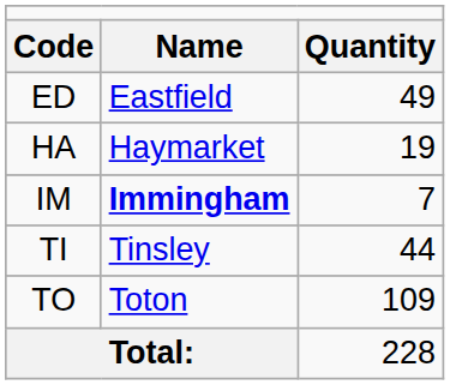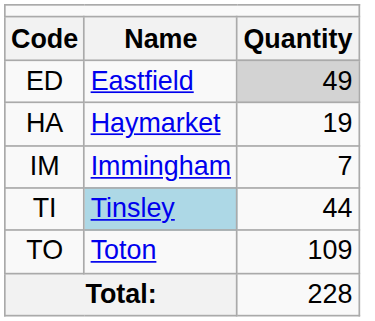 <table class="wikitable floatright">
 <tr>
 <td colspan=3></td>
 </tr>
 <tr>
 <th>Code</th>
 <th>Name</th>
 <th>Quantity</th>
 </tr>
 <tr>
 <td style="text-align:center">ED</td>
 <td><a href='#'>Eastfield</a></td>
-<td style="text-align:right">49</td>
+<td style="background: lightgrey; text-align:right">49</td>
 </tr>
 <tr>
 <td style="text-align:center">HA</td>
 <td><a href='#'>Haymarket</a></td>
 <td style="text-align:right">19</td>
 </tr>
 <tr>
 <td style="text-align:center">IM</td>
-<td><strong><a href='#'>Immingham</a></strong></td>
+<td><a href='#'>Immingham</a></td>
 <td style="text-align:right">7</td>
 </tr>
 <tr>
 <td style="text-align:center">TI</td>
-<td><a href='#'>Tinsley</a></td>
+<td style="background: lightblue;"><a href='#'>Tinsley</a></td>
 <td style="text-align:right">44</td>
 </tr>
 <tr>
 <td style="text-align:center">TO</td>
 <td><a href='#'>Toton</a></td>
 <td style="text-align:right">109</td>
 </tr>
 <tr>
 <th colspan=2 scope=row>Total:</th>
 <td style="text-align:right">228</td>
 </tr>
 </table>
